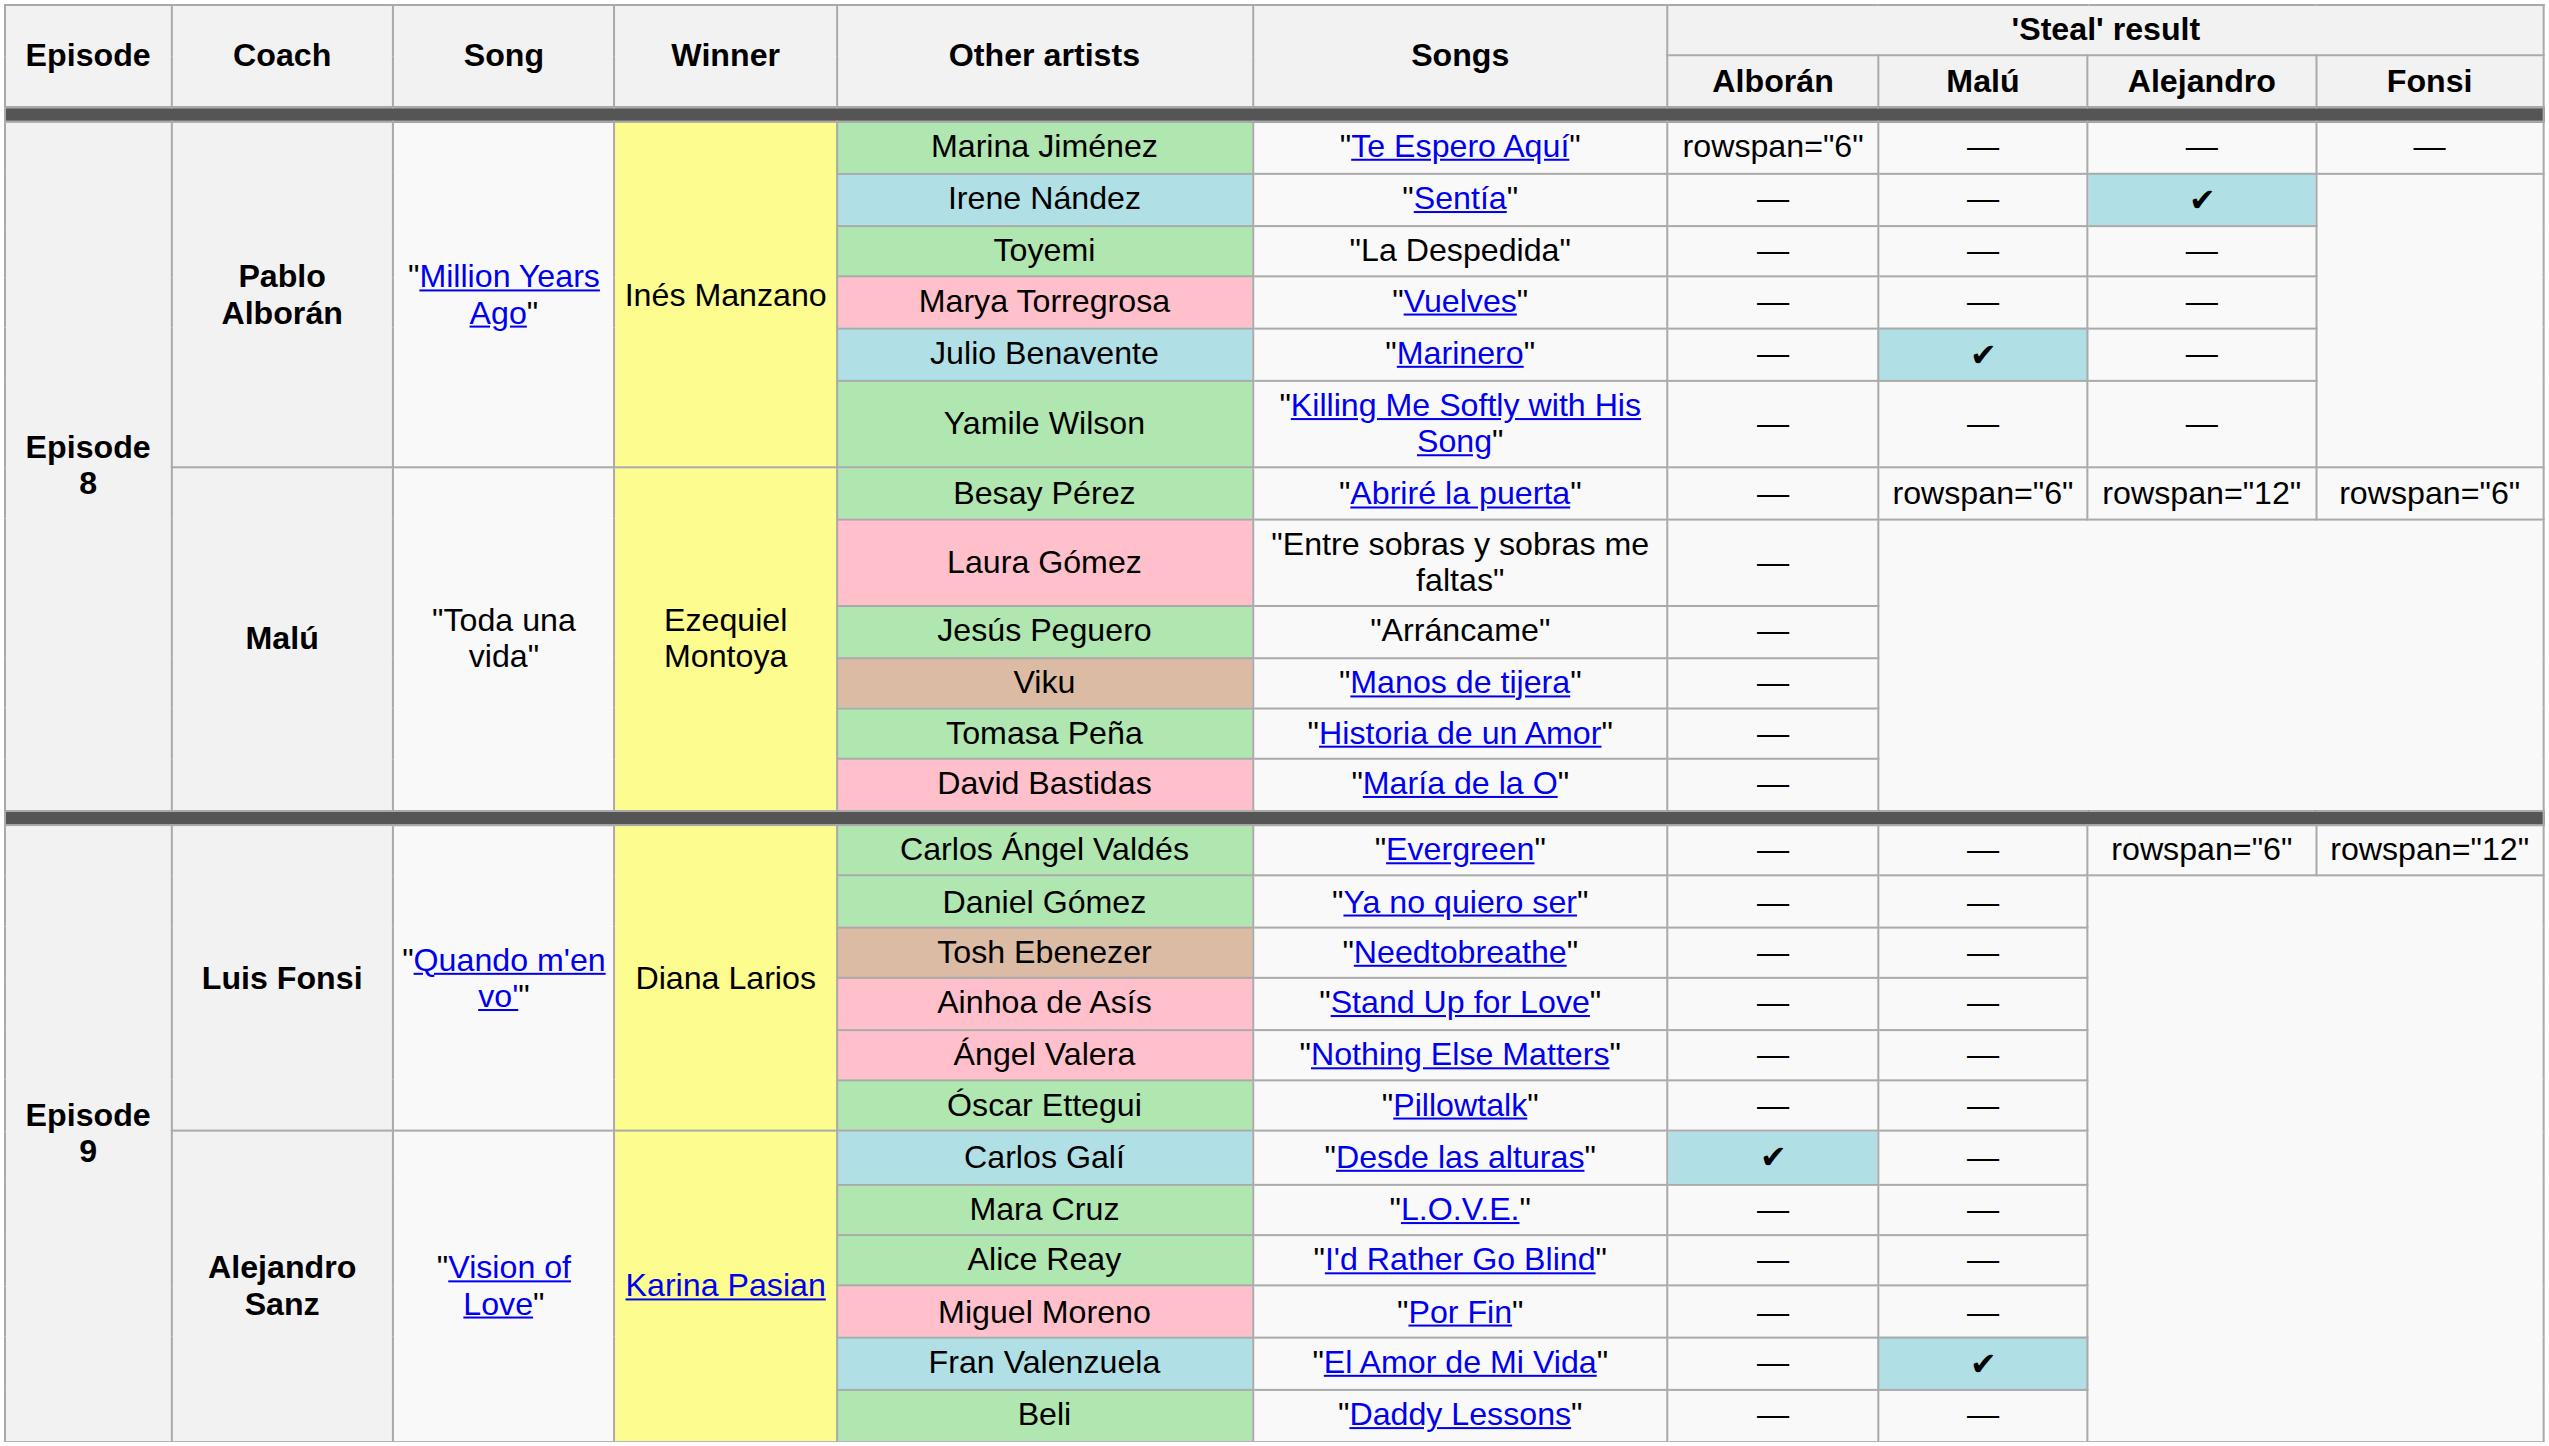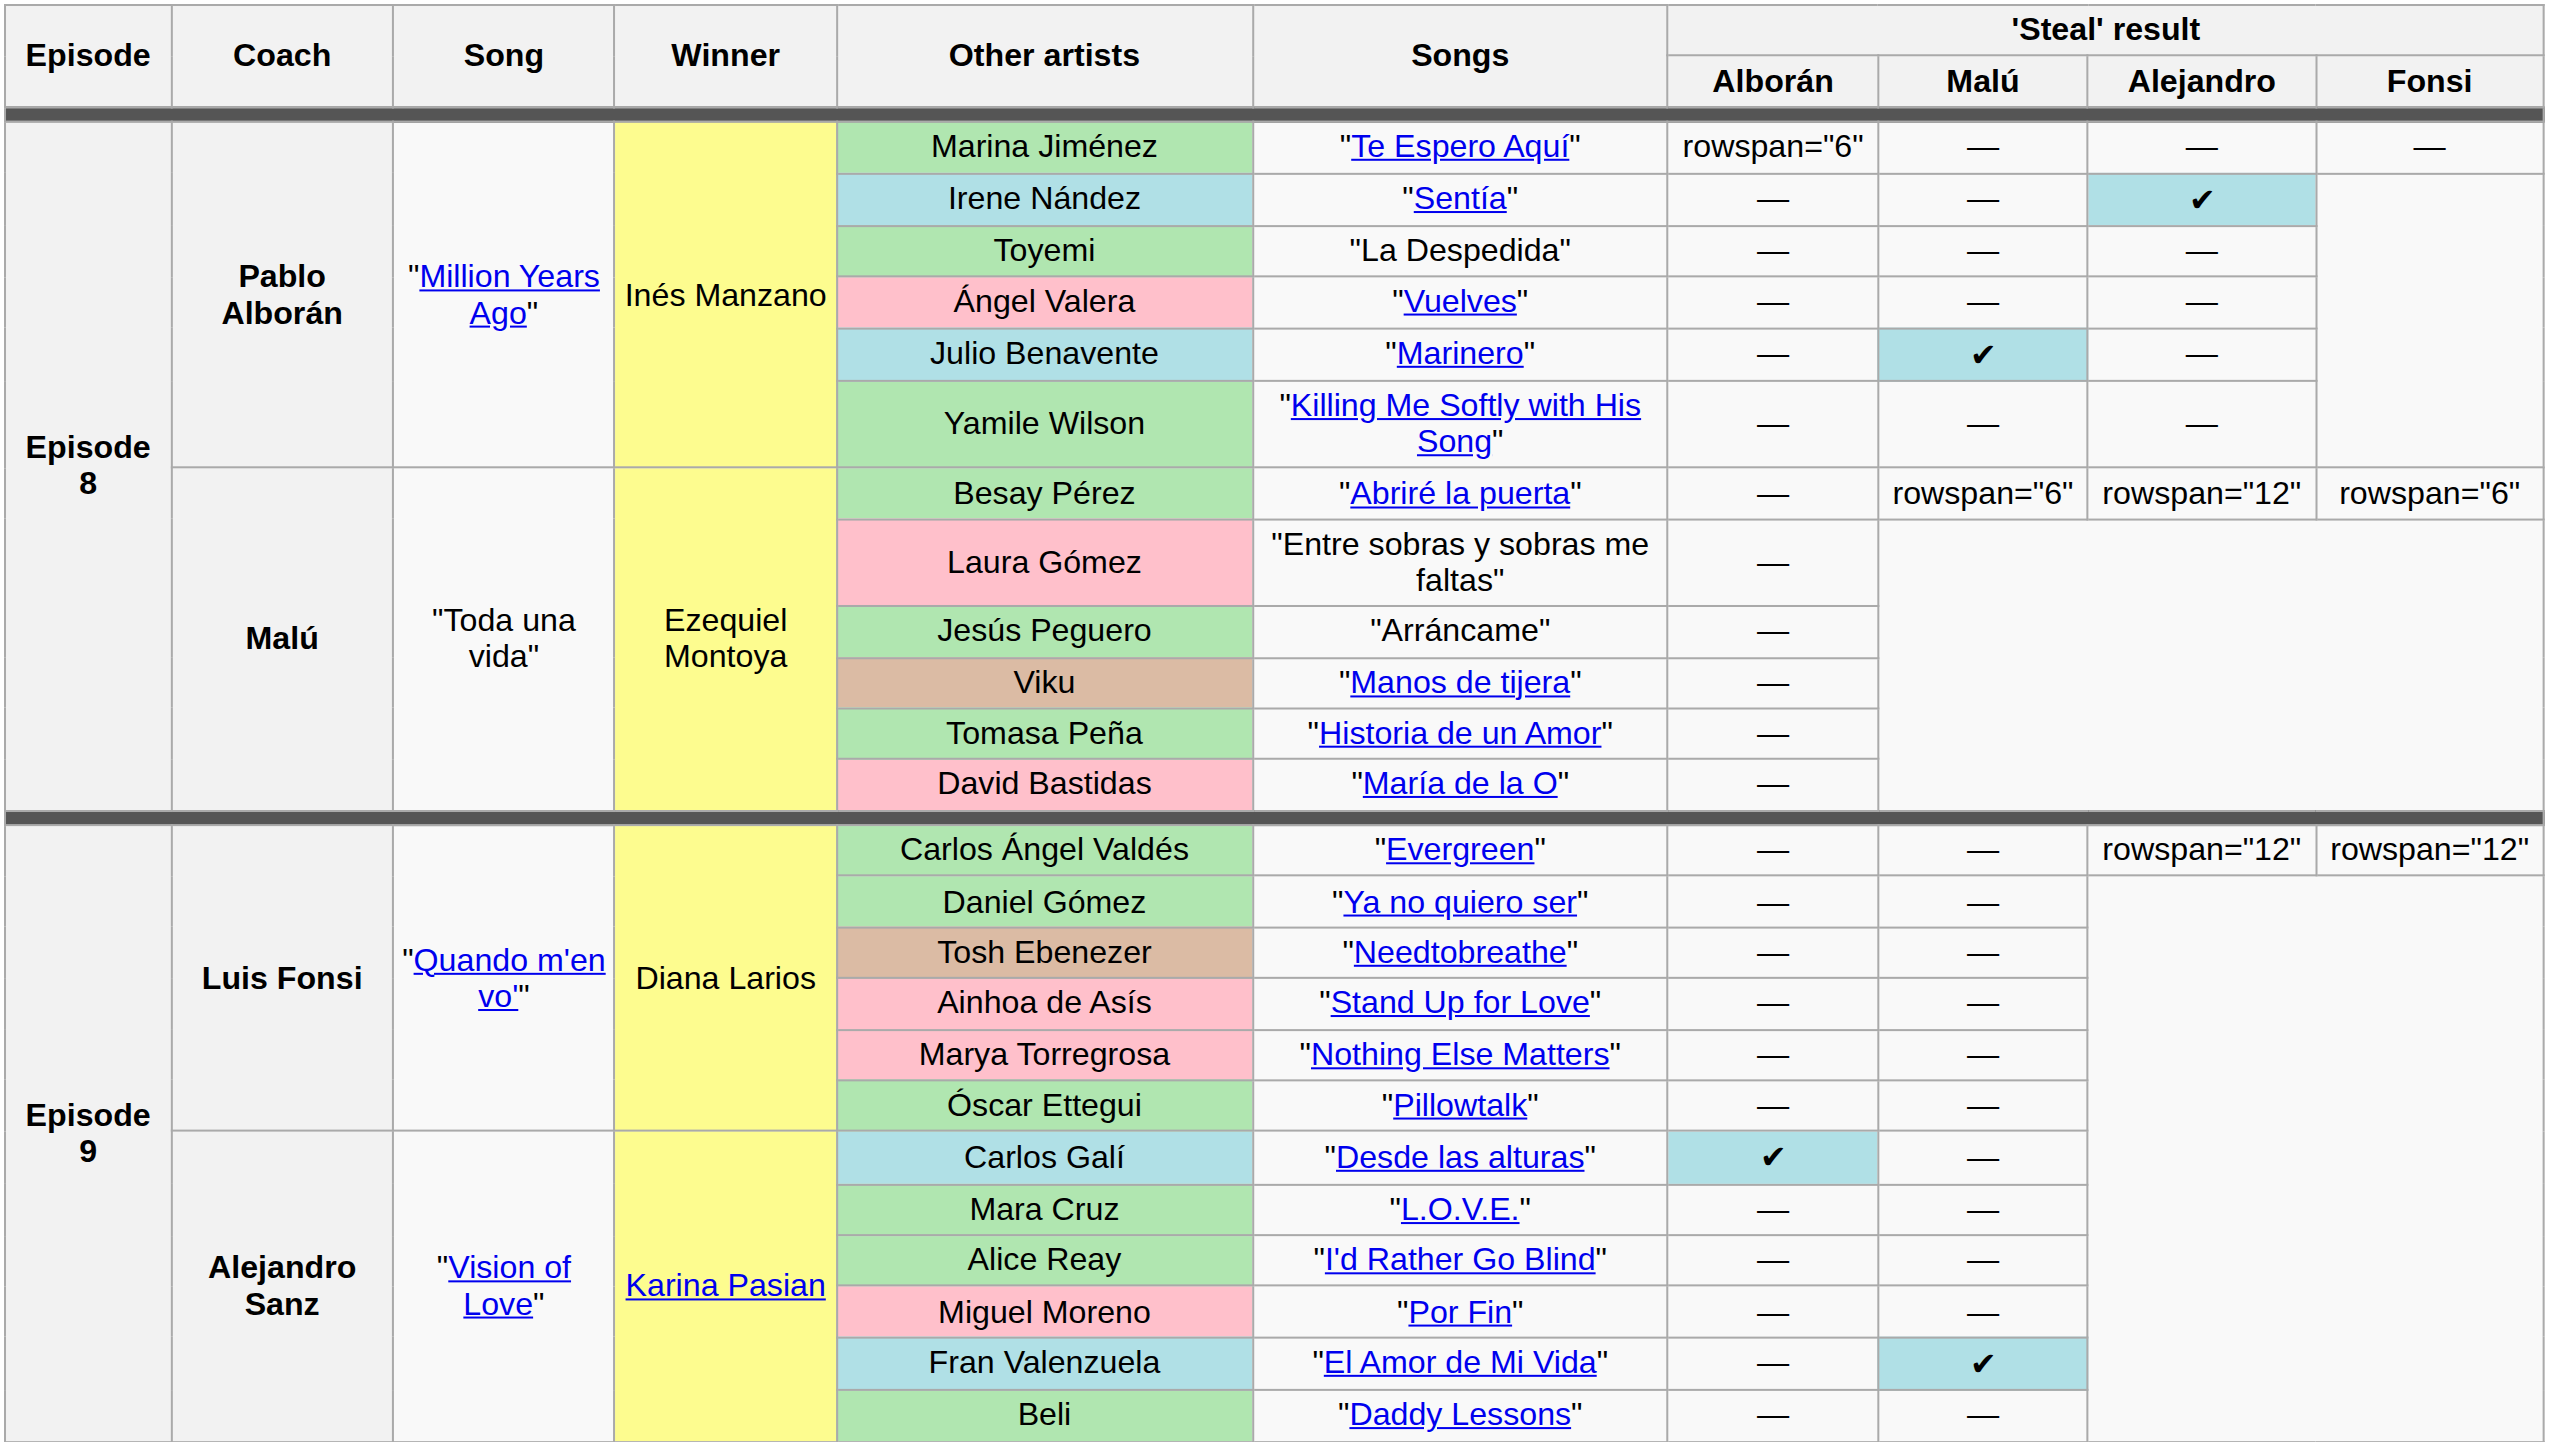 <table class="wikitable" style="text-align: center; width:100%">
 <tr>
 <th rowspan="2" style="width:06%">Episode</th>
 <th rowspan="2" style="width:08%">Coach</th>
 <th rowspan="2" style="width:08%">Song</th>
 <th rowspan="2" style="width:08%">Winner</th>
 <th rowspan="2" style="width:15%">Other artists</th>
 <th rowspan="2" style="width:15%">Songs</th>
 <th colspan="4" style="width:24%">'Steal' result</th>
 </tr>
 <tr>
 <th style="width:06%">Alborán</th>
 <th style="width:06%">Malú</th>
 <th style="width:06%">Alejandro</th>
 <th style="width:06%">Fonsi</th>
 </tr>
 <tr>
 <td colspan="12" style="background:#555555"></td>
 </tr>
 <tr>
 <th rowspan="12">Episode 8<br></th>
 <th rowspan="6">Pablo Alborán</th>
 <td rowspan="6">"<a href='#'>Million Years Ago</a>"</td>
 <td rowspan="6" style="background:#fdfc8f">Inés Manzano</td>
 <td style="background:#b0e6b0">Marina Jiménez</td>
 <td>"<a href='#'>Te Espero Aquí</a>"</td>
 <td>rowspan="6" </td>
 <td>—</td>
 <td>—</td>
 <td>—</td>
 </tr>
 <tr>
 <td style="background:#b0e0e6">Irene Nández</td>
 <td>"<a href='#'>Sentía</a>"</td>
 <td>—</td>
 <td>—</td>
 <td style="background:#b0e0e6">✔</td>
 </tr>
 <tr>
 <td style="background:#b0e6b0">Toyemi</td>
 <td>"La Despedida"</td>
 <td>—</td>
 <td>—</td>
 <td>—</td>
 </tr>
 <tr>
-<td style="background: pink">Marya Torregrosa</td>
+<td style="background: pink">Ángel Valera</td>
 <td>"<a href='#'>Vuelves</a>"</td>
 <td>—</td>
 <td>—</td>
 <td>—</td>
 </tr>
 <tr>
 <td style="background:#b0e0e6">Julio Benavente</td>
 <td>"<a href='#'>Marinero</a>"</td>
 <td>—</td>
 <td style="background:#b0e0e6">✔</td>
 <td>—</td>
 </tr>
 <tr>
 <td style="background:#b0e6b0">Yamile Wilson</td>
 <td>"<a href='#'>Killing Me Softly with His Song</a>"</td>
 <td>—</td>
 <td>—</td>
 <td>—</td>
 </tr>
 <tr>
 <th rowspan="6">Malú</th>
 <td rowspan="6">"Toda una vida"</td>
 <td rowspan="6" style="background:#fdfc8f">Ezequiel Montoya</td>
 <td style="background:#b0e6b0">Besay Pérez</td>
 <td>"<a href='#'>Abriré la puerta</a>"</td>
 <td>—</td>
 <td>rowspan="6" </td>
 <td>rowspan="12" </td>
 <td>rowspan="6" </td>
 </tr>
 <tr>
 <td style="background: pink">Laura Gómez</td>
 <td>"Entre sobras y sobras me faltas"</td>
 <td>—</td>
 </tr>
 <tr>
 <td style="background:#b0e6b0">Jesús Peguero</td>
 <td>"Arráncame"</td>
 <td>—</td>
 </tr>
 <tr>
 <td style="background:#dbbba4">Viku</td>
 <td>"<a href='#'>Manos de tijera</a>"</td>
 <td>—</td>
 </tr>
 <tr>
 <td style="background:#b0e6b0">Tomasa Peña</td>
 <td>"<a href='#'>Historia de un Amor</a>"</td>
 <td>—</td>
 </tr>
 <tr>
 <td style="background: pink">David Bastidas</td>
 <td>"<a href='#'>María de la O</a>"</td>
 <td>—</td>
 </tr>
 <tr>
 <td colspan="12" style="background:#555555"></td>
 </tr>
 <tr>
 <th rowspan="12">Episode 9<br></th>
 <th rowspan="6">Luis Fonsi</th>
 <td rowspan="6">"<a href='#'>Quando m'en vo'</a>"</td>
 <td rowspan="6" style="background:#fdfc8f">Diana Larios</td>
 <td style="background:#b0e6b0">Carlos Ángel Valdés</td>
 <td>"<a href='#'>Evergreen</a>"</td>
 <td>—</td>
 <td>—</td>
-<td>rowspan="6" </td>
+<td>rowspan="12" </td>
 <td>rowspan="12" </td>
 </tr>
 <tr>
 <td style="background:#b0e6b0">Daniel Gómez</td>
 <td>"<a href='#'>Ya no quiero ser</a>"</td>
 <td>—</td>
 <td>—</td>
 </tr>
 <tr>
 <td style="background:#dbbba4">Tosh Ebenezer</td>
 <td>"<a href='#'>Needtobreathe</a>"</td>
 <td>—</td>
 <td>—</td>
 </tr>
 <tr>
 <td style="background: pink">Ainhoa de Asís</td>
 <td>"<a href='#'>Stand Up for Love</a>"</td>
 <td>—</td>
 <td>—</td>
 </tr>
 <tr>
-<td style="background: pink">Ángel Valera</td>
+<td style="background: pink">Marya Torregrosa</td>
 <td>"<a href='#'>Nothing Else Matters</a>"</td>
 <td>—</td>
 <td>—</td>
 </tr>
 <tr>
 <td style="background:#b0e6b0">Óscar Ettegui</td>
 <td>"<a href='#'>Pillowtalk</a>"</td>
 <td>—</td>
 <td>—</td>
 </tr>
 <tr>
 <th rowspan="6">Alejandro Sanz</th>
 <td rowspan="6">"<a href='#'>Vision of Love</a>"</td>
 <td rowspan="6" style="background:#fdfc8f"><a href='#'>Karina Pasian</a></td>
 <td style="background:#b0e0e6">Carlos Galí</td>
 <td>"<a href='#'>Desde las alturas</a>"</td>
 <td style="background:#b0e0e6">✔</td>
 <td>—</td>
 </tr>
 <tr>
 <td style="background:#b0e6b0">Mara Cruz</td>
 <td>"<a href='#'>L.O.V.E.</a>"</td>
 <td>—</td>
 <td>—</td>
 </tr>
 <tr>
 <td style="background:#b0e6b0">Alice Reay</td>
 <td>"<a href='#'>I'd Rather Go Blind</a>"</td>
 <td>—</td>
 <td>—</td>
 </tr>
 <tr>
 <td style="background: pink">Miguel Moreno</td>
 <td>"<a href='#'>Por Fin</a>"</td>
 <td>—</td>
 <td>—</td>
 </tr>
 <tr>
 <td style="background:#b0e0e6">Fran Valenzuela</td>
 <td>"<a href='#'>El Amor de Mi Vida</a>"</td>
 <td>—</td>
 <td style="background:#b0e0e6">✔</td>
 </tr>
 <tr>
 <td style="background:#b0e6b0">Beli</td>
 <td>"<a href='#'>Daddy Lessons</a>"</td>
 <td>—</td>
 <td>—</td>
 </tr>
 </table>
